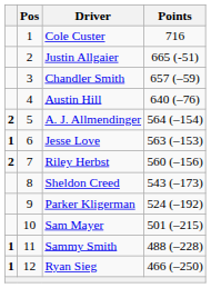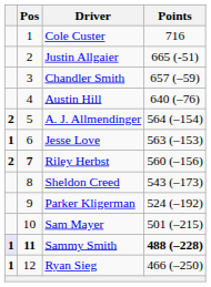 <table class="wikitable" style="font-size: 95%;">
 <tr>
 <th></th>
 <th>Pos</th>
 <th>Driver</th>
 <th>Points</th>
 </tr>
 <tr>
 <td align="left"></td>
 <td style="text-align:center;">1</td>
 <td><a href='#'>Cole Custer</a></td>
 <td style="text-align:center;">716</td>
 </tr>
 <tr>
 <td align="left"></td>
 <td style="text-align:center;">2</td>
 <td><a href='#'>Justin Allgaier</a></td>
 <td style="text-align:center;">665 (-51)</td>
 </tr>
 <tr>
 <td align="left"></td>
 <td style="text-align:center;">3</td>
 <td><a href='#'>Chandler Smith</a></td>
 <td style="text-align:center;">657 (–59)</td>
 </tr>
 <tr>
 <td align="left"></td>
 <td style="text-align:center;">4</td>
 <td><a href='#'>Austin Hill</a></td>
 <td style="text-align:center;">640 (–76)</td>
 </tr>
 <tr>
 <td align="left"> <strong>2</strong></td>
 <td style="text-align:center;">5</td>
 <td><a href='#'>A. J. Allmendinger</a></td>
 <td style="text-align:center;">564 (–154)</td>
 </tr>
 <tr>
 <td align="left"> <strong>1</strong></td>
 <td style="text-align:center;">6</td>
 <td><a href='#'>Jesse Love</a></td>
 <td style="text-align:center;">563 (–153)</td>
 </tr>
 <tr>
 <td align="left"> <strong>2</strong></td>
-<td style="text-align:center;">7</td>
+<td style="text-align:center;"><strong>7</strong></td>
 <td><a href='#'>Riley Herbst</a></td>
 <td style="text-align:center;">560 (–156)</td>
 </tr>
 <tr>
 <td align="left"></td>
 <td style="text-align:center;">8</td>
 <td><a href='#'>Sheldon Creed</a></td>
 <td style="text-align:center;">543 (–173)</td>
 </tr>
 <tr>
 <td align="left"></td>
 <td style="text-align:center;">9</td>
 <td><a href='#'>Parker Kligerman</a></td>
 <td style="text-align:center;">524 (–192)</td>
 </tr>
 <tr>
 <td align="left"></td>
 <td style="text-align:center;">10</td>
 <td><a href='#'>Sam Mayer</a></td>
 <td style="text-align:center;">501 (–215)</td>
 </tr>
 <tr>
-<td align="left"> <strong>1</strong></td>
-<td style="text-align:center;">11</td>
+<td align="left" style="background: lavender;"> <strong>1</strong></td>
+<td style="text-align:center;"><strong>11</strong></td>
 <td><a href='#'>Sammy Smith</a></td>
-<td style="text-align:center;">488 (–228)</td>
+<td style="text-align:center;"><strong>488 (–228)</strong></td>
 </tr>
 <tr>
 <td align="left"> <strong>1</strong></td>
 <td style="text-align:center;">12</td>
 <td><a href='#'>Ryan Sieg</a></td>
 <td style="text-align:center;">466 (–250)</td>
 </tr>
 <tr class="sortbottom">
 <th colspan="9"></th>
 </tr>
 </table>
